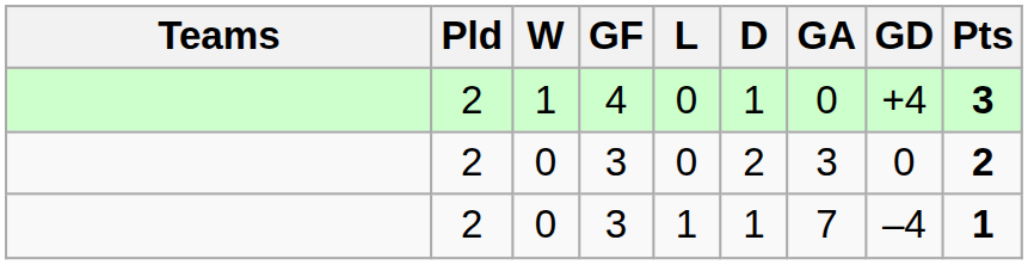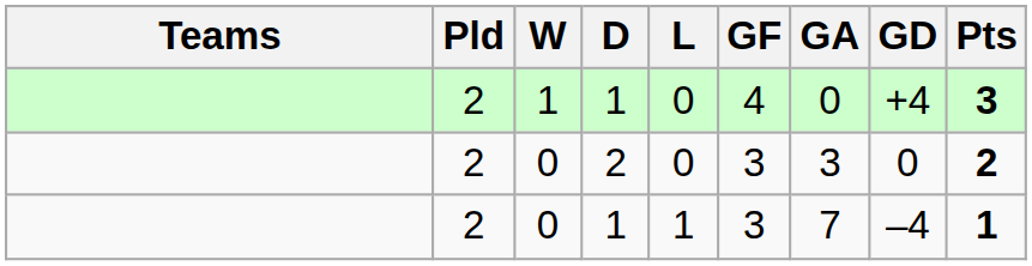 <table class="wikitable" style="text-align: center;">
 <tr>
 <th width=165>Teams</th>
 <th width=20>Pld</th>
 <th width=20>W</th>
+<th width=20>D</th>
+<th width=20>L</th>
 <th width=20>GF</th>
-<th width=20>L</th>
-<th width=20>D</th>
 <th width=20>GA</th>
 <th width=20>GD</th>
 <th width=20>Pts</th>
 </tr>
 <tr align=center style="background:#ccffcc;">
 <td style="text-align:left;"></td>
 <td>2</td>
 <td>1</td>
+<td>1</td>
+<td>0</td>
 <td>4</td>
-<td>0</td>
-<td>1</td>
 <td>0</td>
 <td>+4</td>
 <td><strong>3</strong></td>
 </tr>
 <tr align=center>
 <td style="text-align:left;"></td>
 <td>2</td>
 <td>0</td>
+<td>2</td>
+<td>0</td>
 <td>3</td>
-<td>0</td>
-<td>2</td>
 <td>3</td>
 <td>0</td>
 <td><strong>2</strong></td>
 </tr>
 <tr align=center>
 <td style="text-align:left;"></td>
 <td>2</td>
 <td>0</td>
-<td>3</td>
 <td>1</td>
 <td>1</td>
+<td>3</td>
 <td>7</td>
 <td>–4</td>
 <td><strong>1</strong></td>
 </tr>
 </table>
